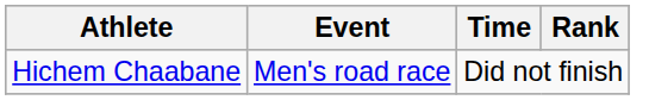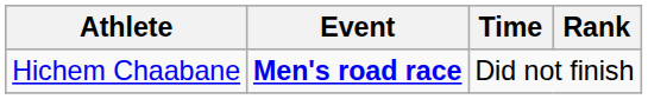 <table class=wikitable style=font-size:90%>
 <tr>
 <th>Athlete</th>
 <th>Event</th>
 <th>Time</th>
 <th>Rank</th>
 </tr>
 <tr align=center>
 <td align=left><a href='#'>Hichem Chaabane</a></td>
-<td align=left><a href='#'>Men's road race</a></td>
+<td align=left><strong><a href='#'>Men's road race</a></strong></td>
 <td colspan=2>Did not finish</td>
 </tr>
 </table>
